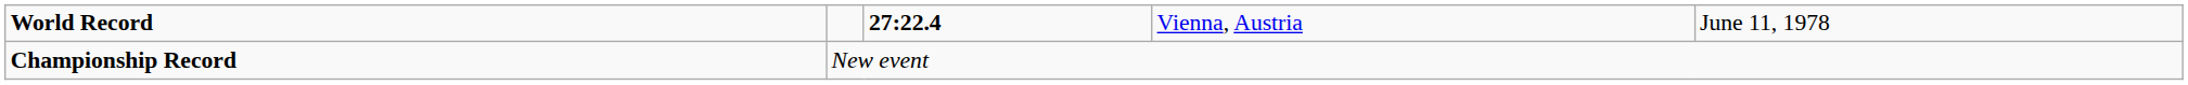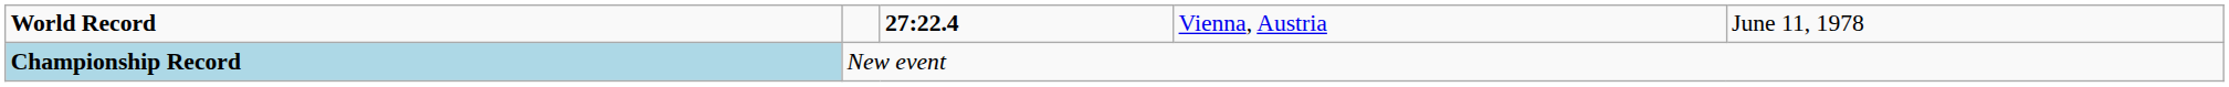 <table class="wikitable" width=75%>
 <tr>
 <td><strong>World Record</strong></td>
 <td></td>
 <td><strong>27:22.4</strong></td>
 <td><a href='#'>Vienna</a>, <a href='#'>Austria</a></td>
 <td>June 11, 1978</td>
 </tr>
 <tr>
-<td><strong>Championship Record</strong></td>
+<td style="background: lightblue;"><strong>Championship Record</strong></td>
 <td colspan="4"><em>New event</em></td>
 </tr>
 </table>
